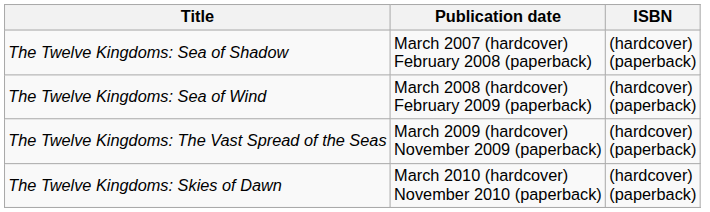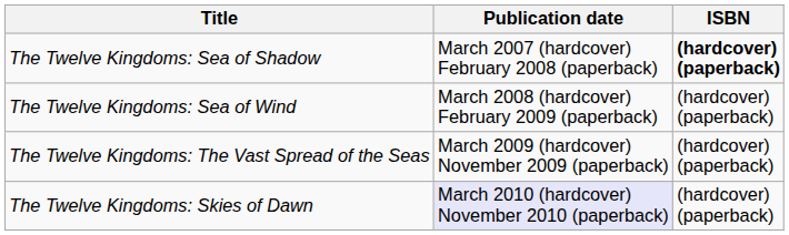 <table class=wikitable>
 <tr>
 <th>Title</th>
 <th>Publication date</th>
 <th>ISBN</th>
 </tr>
 <tr>
 <td><em>The Twelve Kingdoms: Sea of Shadow</em></td>
 <td>March 2007 (hardcover) <br> February 2008 (paperback)</td>
-<td> (hardcover) <br>  (paperback)</td>
+<td><strong> (hardcover) <br>  (paperback)</strong></td>
 </tr>
 <tr>
 <td><em>The Twelve Kingdoms: Sea of Wind</em></td>
 <td>March 2008 (hardcover) <br> February 2009 (paperback)</td>
 <td> (hardcover) <br>  (paperback)</td>
 </tr>
 <tr>
 <td><em>The Twelve Kingdoms: The Vast Spread of the Seas</em></td>
 <td>March 2009 (hardcover) <br> November 2009 (paperback)</td>
 <td> (hardcover) <br>  (paperback)</td>
 </tr>
 <tr>
 <td><em>The Twelve Kingdoms: Skies of Dawn</em></td>
-<td>March 2010 (hardcover) <br> November 2010 (paperback)</td>
+<td style="background: lavender;">March 2010 (hardcover) <br> November 2010 (paperback)</td>
 <td> (hardcover) <br>  (paperback)</td>
 </tr>
 <tr>
 </tr>
 </table>
